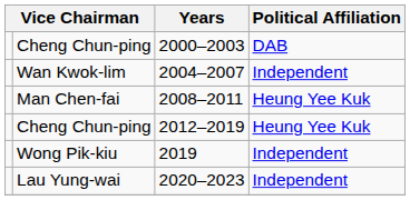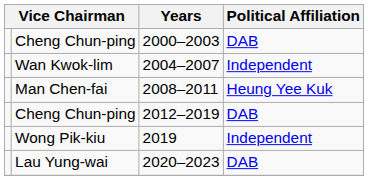 <table class="wikitable">
 <tr>
 <th colspan=2>Vice Chairman</th>
 <th>Years</th>
 <th>Political Affiliation</th>
 </tr>
 <tr>
 <td style="color:inherit;background:"></td>
 <td>Cheng Chun-ping</td>
 <td>2000–2003</td>
 <td><a href='#'>DAB</a></td>
 </tr>
 <tr>
 <td style="color:inherit;background: "></td>
 <td>Wan Kwok-lim</td>
 <td>2004–2007</td>
 <td><a href='#'>Independent</a></td>
 </tr>
 <tr>
 <td style="color:inherit;background:"></td>
 <td>Man Chen-fai</td>
 <td>2008–2011</td>
 <td><a href='#'>Heung Yee Kuk</a></td>
 </tr>
 <tr>
 <td style="color:inherit;background:"></td>
 <td>Cheng Chun-ping</td>
 <td>2012–2019</td>
-<td><a href='#'>Heung Yee Kuk</a></td>
+<td><a href='#'>DAB</a></td>
 </tr>
 <tr>
 <td style="color:inherit;background:"></td>
 <td>Wong Pik-kiu</td>
 <td>2019</td>
 <td><a href='#'>Independent</a></td>
 </tr>
 <tr>
 <td style="color:inherit;background: "></td>
 <td>Lau Yung-wai</td>
 <td>2020–2023</td>
-<td><a href='#'>Independent</a></td>
+<td><a href='#'>DAB</a></td>
 </tr>
 <tr>
 </tr>
 </table>
